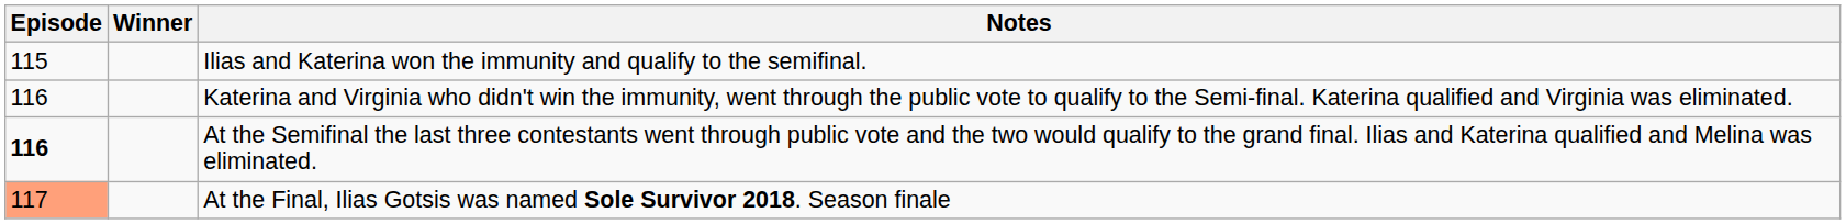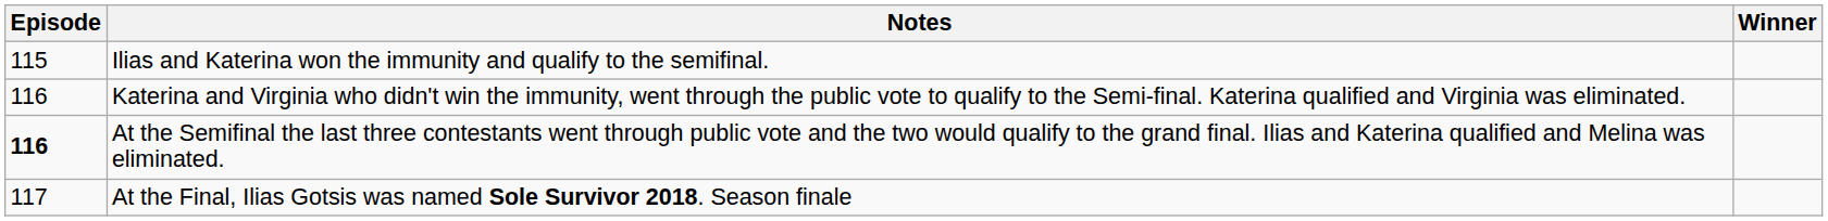 <table class="wikitable sortable">
 <tr>
 <th>Episode</th>
+<th>Notes</th>
 <th>Winner</th>
-<th>Notes</th>
 </tr>
 <tr>
 <td>115</td>
+<td>Ilias and Katerina won the immunity and qualify to the semifinal.</td>
 <td></td>
-<td>Ilias and Katerina won the immunity and qualify to the semifinal.</td>
 </tr>
 <tr>
 <td>116</td>
+<td>Katerina and Virginia who didn't win the immunity, went through the public vote to qualify to the Semi-final. Katerina qualified and Virginia was eliminated.</td>
 <td></td>
-<td>Katerina and Virginia who didn't win the immunity, went through the public vote to qualify to the Semi-final. Katerina qualified and Virginia was eliminated.</td>
 </tr>
 <tr>
 <td><strong>116</strong></td>
+<td>At the Semifinal the last three contestants went through public vote and the two would qualify to the grand final. Ilias and Katerina qualified and Melina was eliminated.</td>
 <td></td>
-<td>At the Semifinal the last three contestants went through public vote and the two would qualify to the grand final. Ilias and Katerina qualified and Melina was eliminated.</td>
 </tr>
 <tr>
-<td style="background: lightsalmon;">117</td>
+<td>117</td>
+<td>At the Final, Ilias Gotsis was named <strong>Sole Survivor 2018</strong>. Season finale</td>
 <td></td>
-<td>At the Final, Ilias Gotsis was named <strong>Sole Survivor 2018</strong>. Season finale</td>
 </tr>
 </table>
